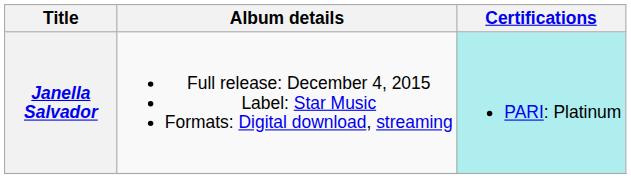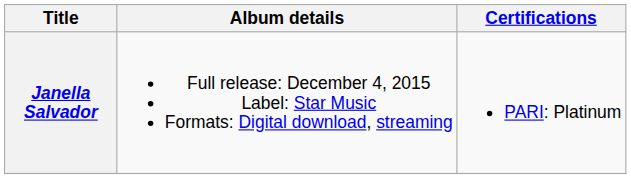 <table class="wikitable plainrowheaders" style="text-align:center;">
 <tr>
 <th scope="col" style="width:6em;">Title</th>
 <th scope="col">Album details</th>
 <th scope="col"><a href='#'>Certifications</a></th>
 </tr>
 <tr>
 <th scope="row"><em><a href='#'>Janella Salvador</a></em></th>
 <td><br><ul><li>Full release: December 4, 2015</li><li>Label: <a href='#'>Star Music</a></li><li>Formats: <a href='#'>Digital download</a>, <a href='#'>streaming</a></li></ul> <br></td>
-<td style="background: paleturquoise;"><br><ul><li><a href='#'>PARI</a>: Platinum</li></ul></td>
+<td><br><ul><li><a href='#'>PARI</a>: Platinum</li></ul></td>
 </tr>
 <tr>
 </tr>
 </table>
